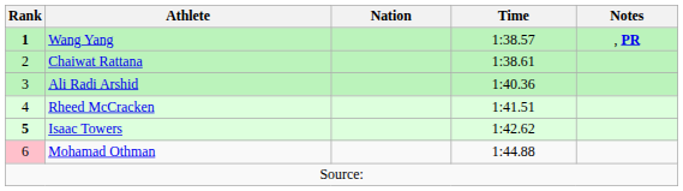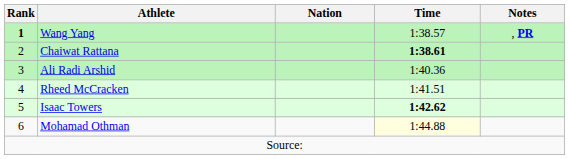 <table class="wikitable sortable" style="text-align:center;width: 60%;">
 <tr>
 <th scope="col" style="width: 10px;">Rank</th>
 <th scope="col">Athlete</th>
 <th scope="col">Nation</th>
 <th scope="col">Time</th>
 <th scope="col">Notes</th>
 </tr>
 <tr bgcolor=bbf3bb>
 <td><strong>1</strong></td>
 <td align=left><a href='#'>Wang Yang</a></td>
 <td align=left></td>
 <td>1:38.57</td>
 <td>, <strong><a href='#'>PR</a></strong></td>
 </tr>
 <tr bgcolor=bbf3bb>
 <td>2</td>
 <td align=left><a href='#'>Chaiwat Rattana</a></td>
 <td align=left></td>
-<td>1:38.61</td>
+<td><strong>1:38.61</strong></td>
 <td></td>
 </tr>
 <tr bgcolor=bbf3bb>
 <td>3</td>
 <td align=left><a href='#'>Ali Radi Arshid</a></td>
 <td align=left></td>
 <td>1:40.36</td>
 <td></td>
 </tr>
 <tr bgcolor=ddffdd>
 <td>4</td>
 <td align=left><a href='#'>Rheed McCracken</a></td>
 <td align=left></td>
 <td>1:41.51</td>
 <td></td>
 </tr>
 <tr bgcolor=ddffdd>
-<td><strong>5</strong></td>
+<td>5</td>
 <td align=left><a href='#'>Isaac Towers</a></td>
 <td align=left></td>
-<td>1:42.62</td>
+<td><strong>1:42.62</strong></td>
 <td></td>
 </tr>
 <tr>
-<td style="background: pink;">6</td>
+<td>6</td>
 <td align=left><a href='#'>Mohamad Othman</a></td>
 <td align=left></td>
-<td>1:44.88</td>
+<td style="background: lightyellow;">1:44.88</td>
 <td></td>
 </tr>
 <tr class="sortbottom">
 <td colspan="5">Source:</td>
 </tr>
 </table>
